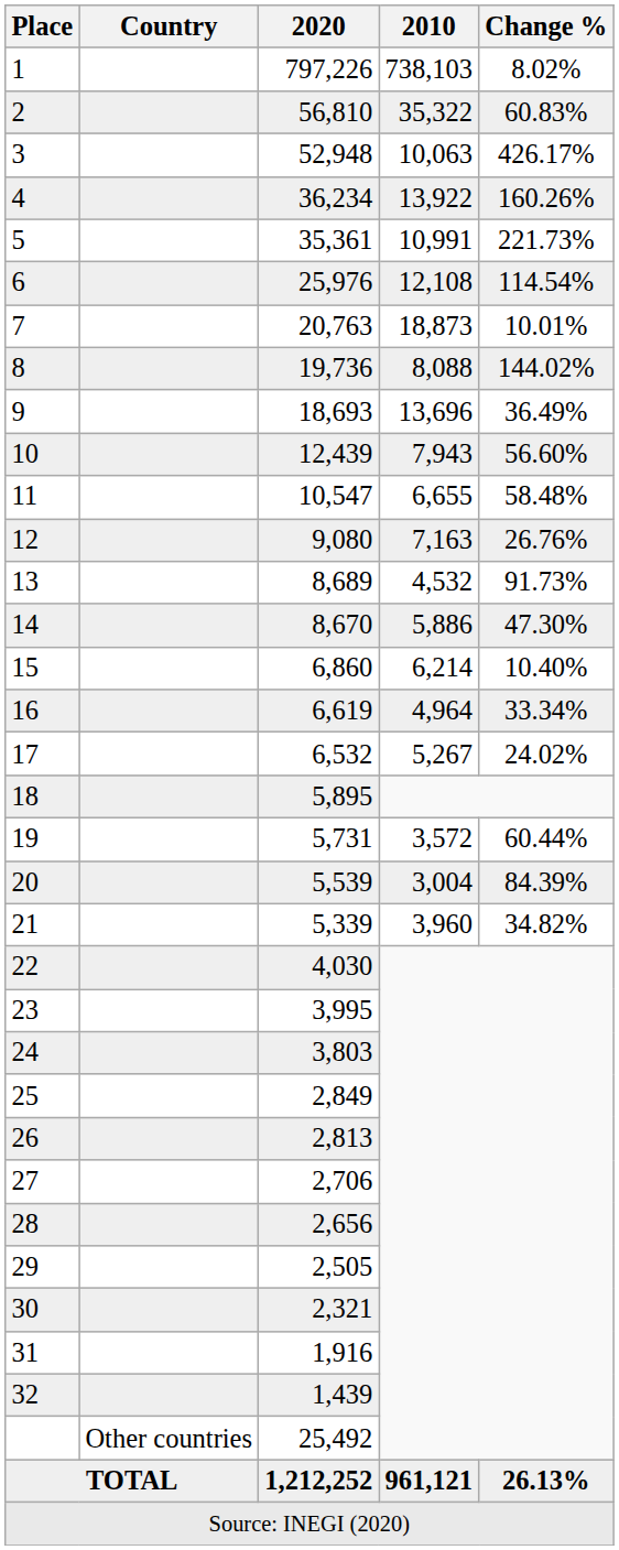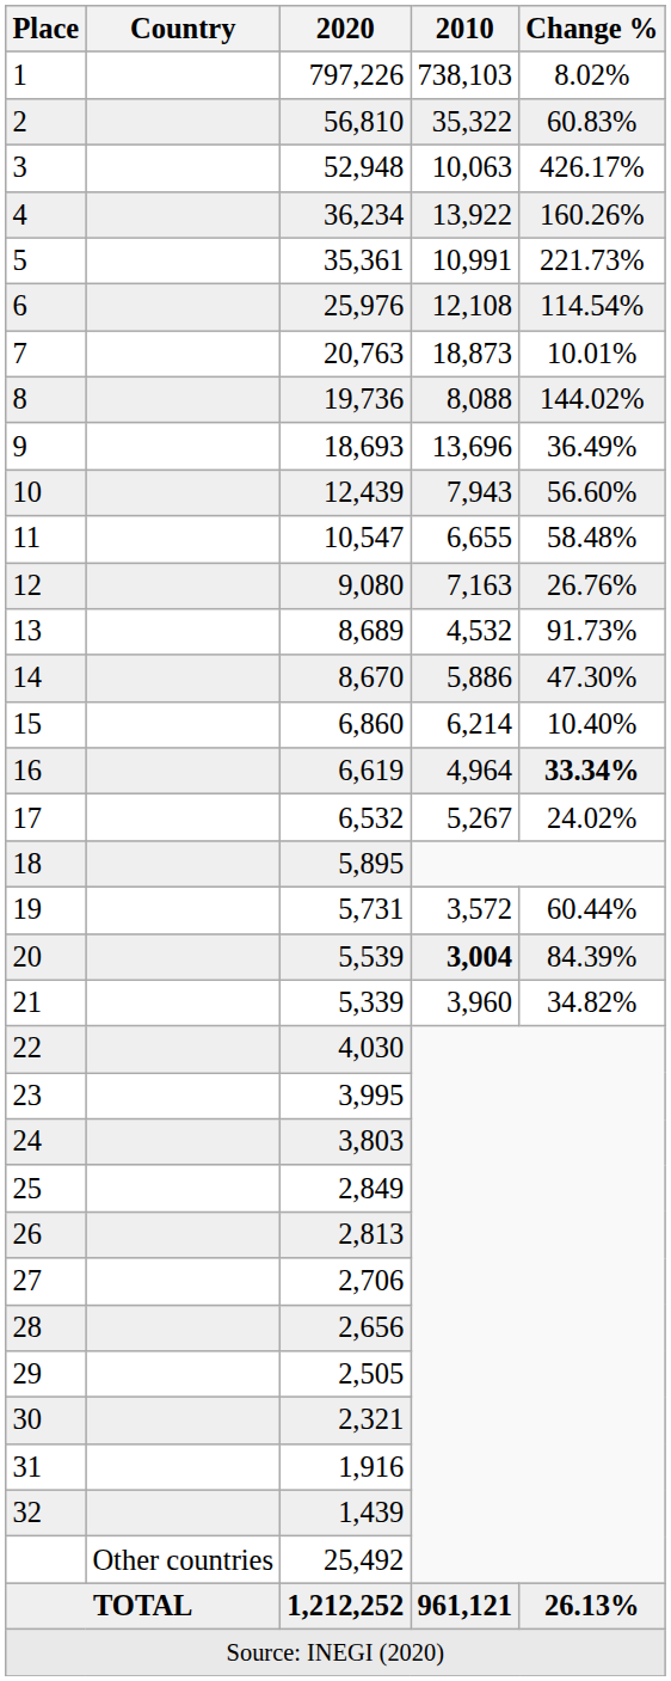 <table class="wikitable">
 <tr>
 <th>Place</th>
 <th>Country</th>
 <th>2020</th>
 <th>2010</th>
 <th>Change %</th>
 </tr>
 <tr bgcolor="#ffffff">
 <td>1</td>
 <td></td>
 <td align="right">797,226</td>
 <td align="right">738,103</td>
 <td align="center"> 8.02%</td>
 </tr>
 <tr bgcolor="#efefef">
 <td>2</td>
 <td></td>
 <td align="right">56,810</td>
 <td align="right">35,322</td>
 <td align="center"> 60.83%</td>
 </tr>
 <tr bgcolor="#ffffff">
 <td>3</td>
 <td></td>
 <td align="right">52,948</td>
 <td align="right">10,063</td>
 <td align="center"> 426.17%</td>
 </tr>
 <tr bgcolor="#efefef">
 <td>4</td>
 <td></td>
 <td align="right">36,234</td>
 <td align="right">13,922</td>
 <td align="center"> 160.26%</td>
 </tr>
 <tr bgcolor="#ffffff">
 <td>5</td>
 <td></td>
 <td align="right">35,361</td>
 <td align="right">10,991</td>
 <td align="center"> 221.73%</td>
 </tr>
 <tr bgcolor="#efefef">
 <td>6</td>
 <td></td>
 <td align="right">25,976</td>
 <td align="right">12,108</td>
 <td align="center"> 114.54%</td>
 </tr>
 <tr bgcolor="#ffffff">
 <td>7</td>
 <td></td>
 <td align="right">20,763</td>
 <td align="right">18,873</td>
 <td align="center"> 10.01%</td>
 </tr>
 <tr bgcolor="#efefef">
 <td>8</td>
 <td></td>
 <td align="right">19,736</td>
 <td align="right">8,088</td>
 <td align="center"> 144.02%</td>
 </tr>
 <tr bgcolor="#ffffff">
 <td>9</td>
 <td></td>
 <td align="right">18,693</td>
 <td align="right">13,696</td>
 <td align="center"> 36.49%</td>
 </tr>
 <tr bgcolor="#efefef">
 <td>10</td>
 <td></td>
 <td align="right">12,439</td>
 <td align="right">7,943</td>
 <td align="center"> 56.60%</td>
 </tr>
 <tr bgcolor="#ffffff">
 <td>11</td>
 <td></td>
 <td align="right">10,547</td>
 <td align="right">6,655</td>
 <td align="center"> 58.48%</td>
 </tr>
 <tr bgcolor="#efefef">
 <td>12</td>
 <td></td>
 <td align="right">9,080</td>
 <td align="right">7,163</td>
 <td align="center"> 26.76%</td>
 </tr>
 <tr bgcolor="#ffffff">
 <td>13</td>
 <td></td>
 <td align="right">8,689</td>
 <td align="right">4,532</td>
 <td align="center"> 91.73%</td>
 </tr>
 <tr bgcolor="#efefef">
 <td>14</td>
 <td></td>
 <td align="right">8,670</td>
 <td align="right">5,886</td>
 <td align="center"> 47.30%</td>
 </tr>
 <tr bgcolor="#ffffff">
 <td>15</td>
 <td></td>
 <td align="right">6,860</td>
 <td align="right">6,214</td>
 <td align="center"> 10.40%</td>
 </tr>
 <tr bgcolor="#efefef">
 <td>16</td>
 <td></td>
 <td align="right">6,619</td>
 <td align="right">4,964</td>
-<td align="center"> 33.34%</td>
+<td align="center"><strong> 33.34%</strong></td>
 </tr>
 <tr bgcolor="#ffffff">
 <td>17</td>
 <td></td>
 <td align="right">6,532</td>
 <td align="right">5,267</td>
 <td align="center"> 24.02%</td>
 </tr>
 <tr bgcolor="#efefef">
 <td>18</td>
 <td></td>
 <td align="right">5,895</td>
 </tr>
 <tr bgcolor="#ffffff">
 <td>19</td>
 <td></td>
 <td align="right">5,731</td>
 <td align="right">3,572</td>
 <td align="center"> 60.44%</td>
 </tr>
 <tr bgcolor="#efefef">
 <td>20</td>
 <td></td>
 <td align="right">5,539</td>
-<td align="right">3,004</td>
+<td align="right"><strong>3,004</strong></td>
 <td align="center"> 84.39%</td>
 </tr>
 <tr bgcolor="#ffffff">
 <td>21</td>
 <td></td>
 <td align="right">5,339</td>
 <td align="right">3,960</td>
 <td align="center"> 34.82%</td>
 </tr>
 <tr bgcolor="#efefef">
 <td>22</td>
 <td></td>
 <td align="right">4,030</td>
 </tr>
 <tr bgcolor="#ffffff">
 <td>23</td>
 <td></td>
 <td align="right">3,995</td>
 </tr>
 <tr bgcolor="#efefef">
 <td>24</td>
 <td></td>
 <td align="right">3,803</td>
 </tr>
 <tr bgcolor="#ffffff">
 <td>25</td>
 <td></td>
 <td align="right">2,849</td>
 </tr>
 <tr bgcolor="#efefef">
 <td>26</td>
 <td></td>
 <td align="right">2,813</td>
 </tr>
 <tr bgcolor="#ffffff">
 <td>27</td>
 <td></td>
 <td align="right">2,706</td>
 </tr>
 <tr bgcolor="#efefef">
 <td>28</td>
 <td></td>
 <td align="right">2,656</td>
 </tr>
 <tr bgcolor="#ffffff">
 <td>29</td>
 <td></td>
 <td align="right">2,505</td>
 </tr>
 <tr bgcolor="#efefef">
 <td>30</td>
 <td></td>
 <td align="right">2,321</td>
 </tr>
 <tr bgcolor="#ffffff">
 <td>31</td>
 <td></td>
 <td align="right">1,916</td>
 </tr>
 <tr bgcolor="#efefef">
 <td>32</td>
 <td></td>
 <td align="right">1,439</td>
 </tr>
 <tr bgcolor="#ffffff">
 <td></td>
 <td>Other countries</td>
 <td align="right">25,492</td>
 </tr>
 <tr bgcolor="#efefef">
 <td colspan="2" align="center"><strong>TOTAL</strong></td>
 <td align="center"><strong>1,212,252</strong></td>
 <td align="center"><strong>961,121</strong></td>
 <td align="center"> <strong>26.13%</strong></td>
 </tr>
 <tr bgcolor="#efefef">
 <td colspan="5" style="background:#e9e9e9;" align="center"><small>Source: INEGI (2020)</small></td>
 </tr>
 <tr>
 </tr>
 </table>
